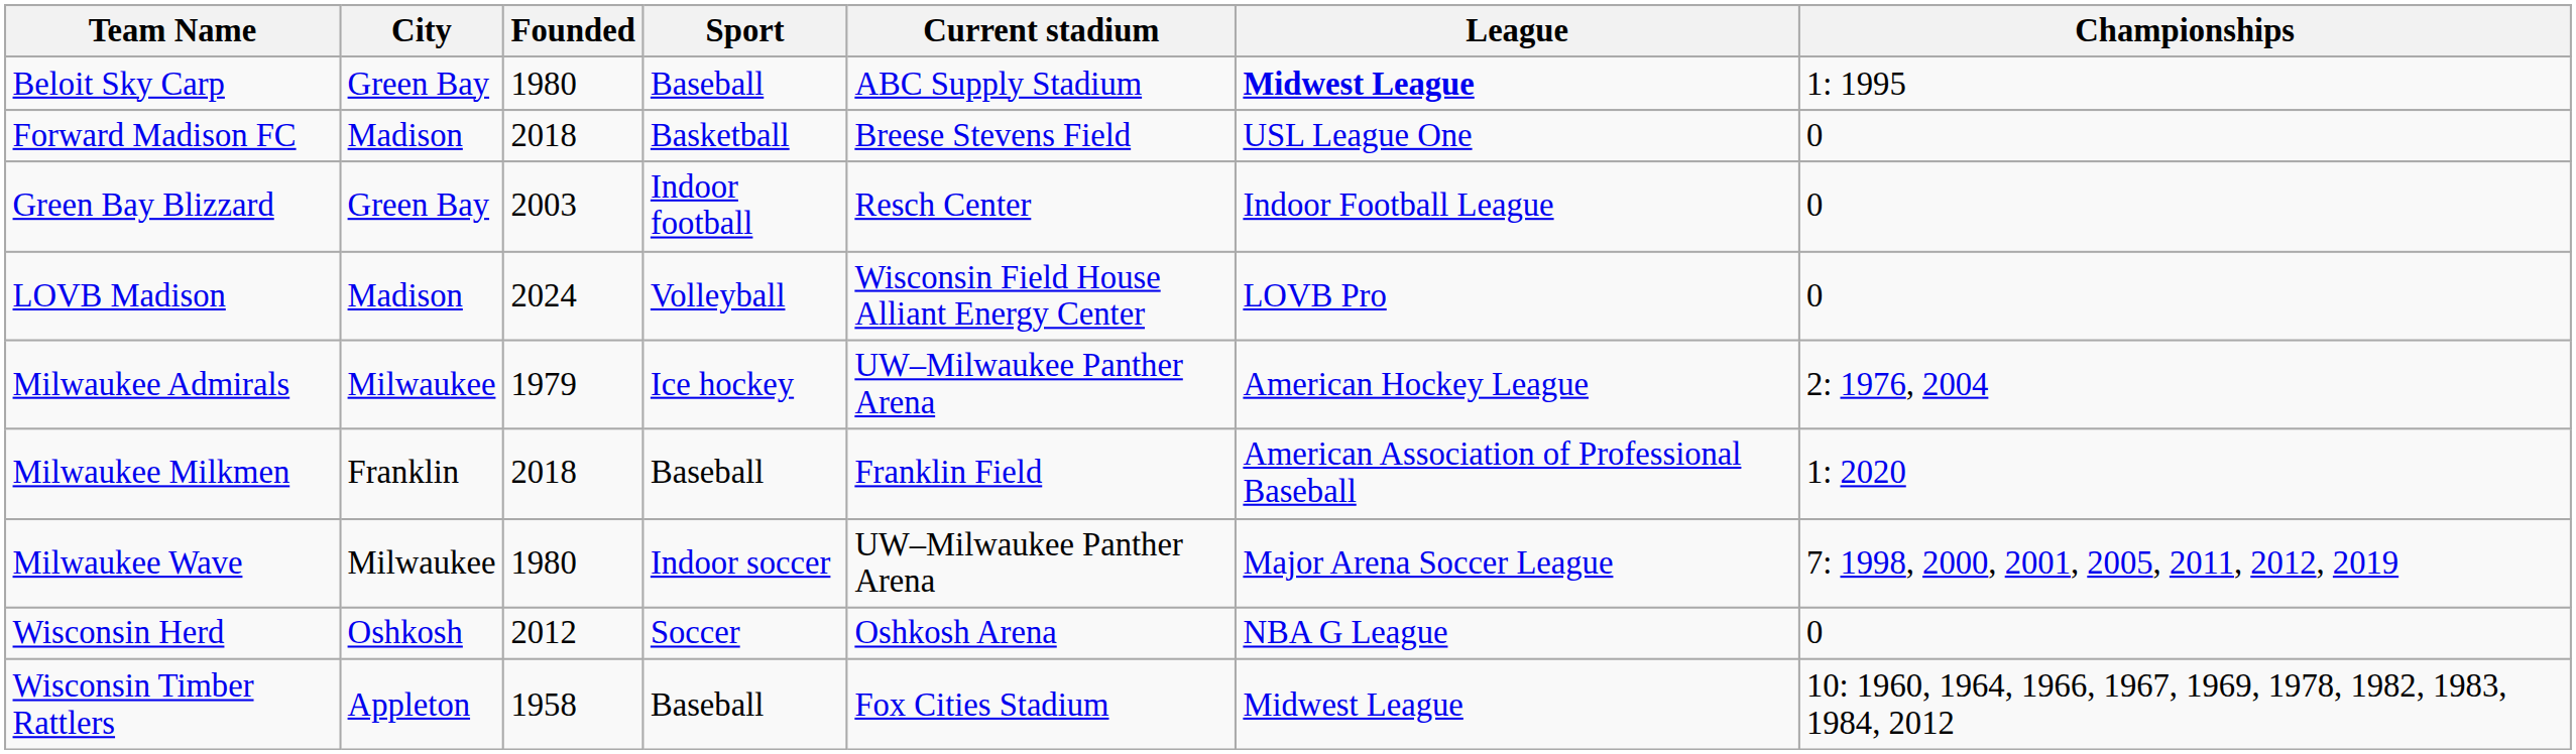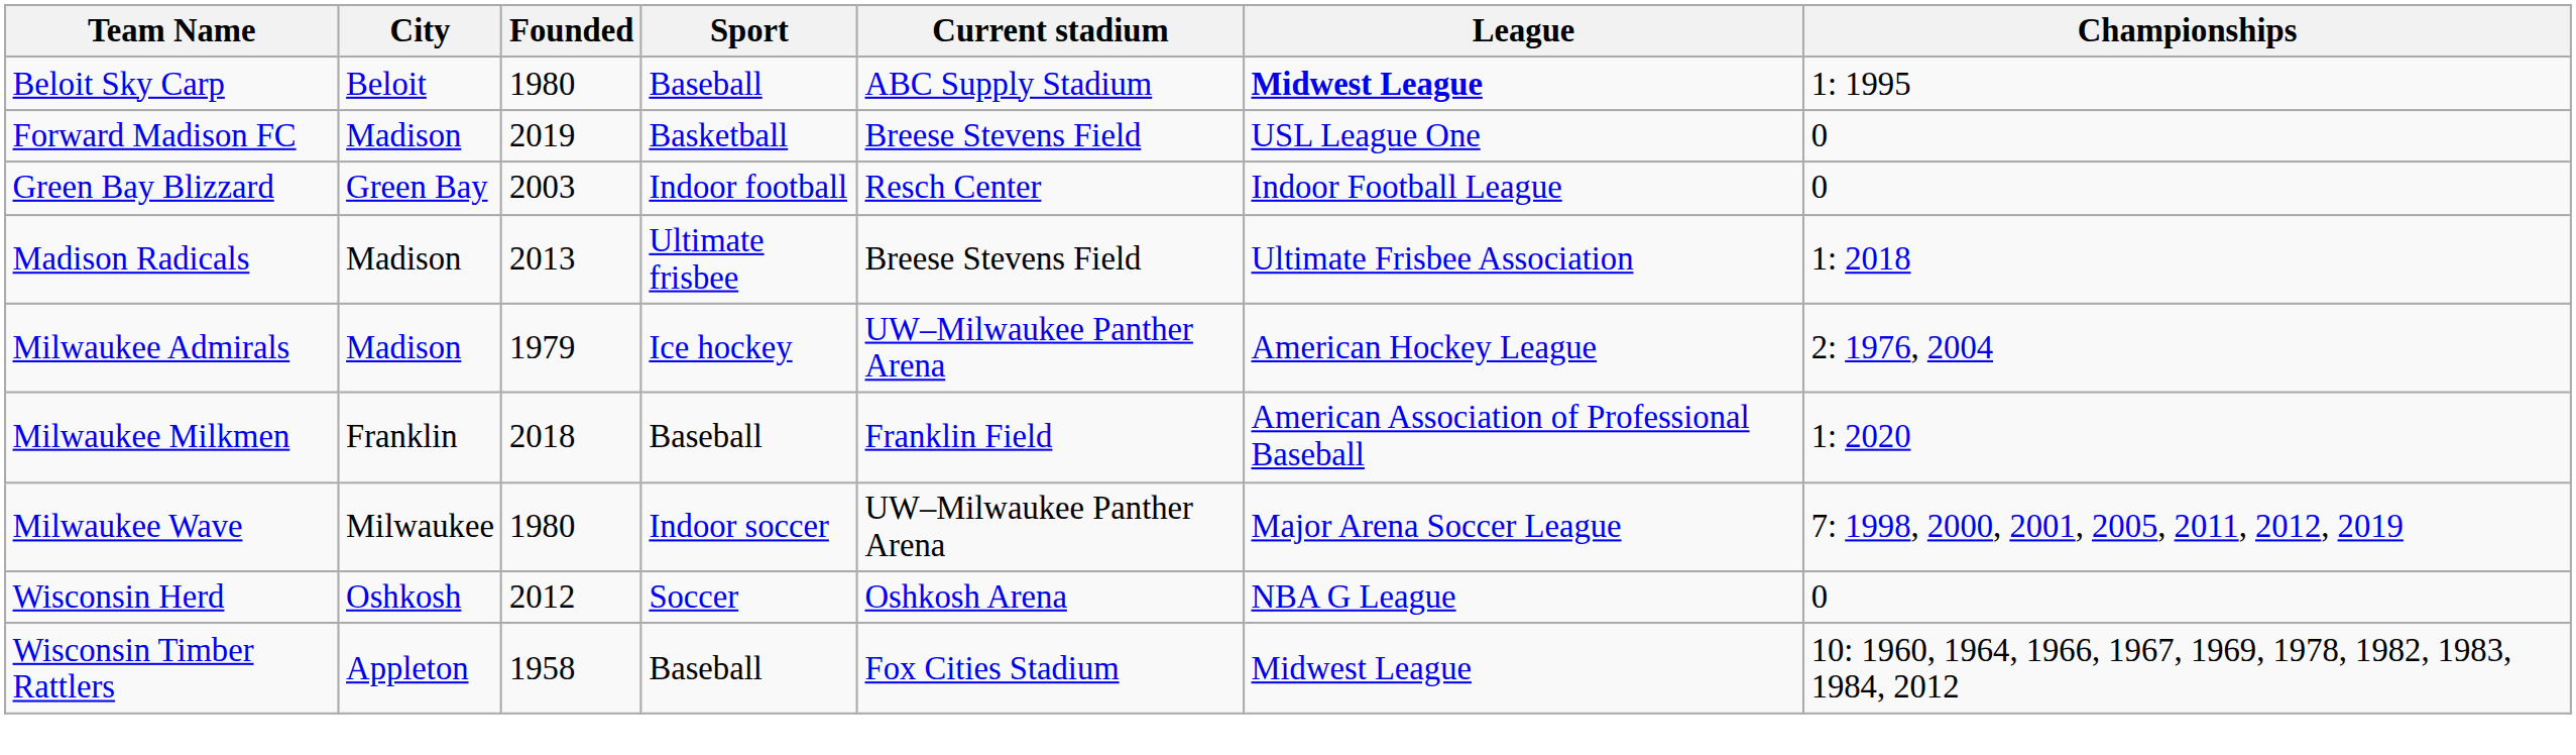 <table class="wikitable sortable">
 <tr>
 <th>Team Name</th>
 <th>City</th>
 <th>Founded</th>
 <th>Sport</th>
 <th>Current stadium</th>
 <th>League</th>
 <th>Championships</th>
 </tr>
 <tr>
 <td><a href='#'>Beloit Sky Carp</a></td>
-<td><a href='#'>Green Bay</a></td>
+<td><a href='#'>Beloit</a></td>
 <td>1980</td>
 <td><a href='#'>Baseball</a></td>
 <td><a href='#'>ABC Supply Stadium</a></td>
 <td><strong><a href='#'>Midwest League</a></strong></td>
 <td>1: 1995</td>
 </tr>
 <tr>
 <td><a href='#'>Forward Madison FC</a></td>
 <td><a href='#'>Madison</a></td>
-<td>2018</td>
+<td>2019</td>
 <td><a href='#'>Basketball</a></td>
 <td><a href='#'>Breese Stevens Field</a></td>
 <td><a href='#'>USL League One</a></td>
 <td>0</td>
 </tr>
 <tr>
 <td><a href='#'>Green Bay Blizzard</a></td>
 <td><a href='#'>Green Bay</a></td>
 <td>2003</td>
 <td><a href='#'>Indoor football</a></td>
 <td><a href='#'>Resch Center</a></td>
 <td><a href='#'>Indoor Football League</a></td>
 <td>0</td>
 </tr>
 <tr>
-<td><a href='#'>LOVB Madison</a></td>
-<td><a href='#'>Madison</a></td>
-<td>2024</td>
-<td><a href='#'>Volleyball</a></td>
-<td><a href='#'>Wisconsin Field House</a><br><a href='#'>Alliant Energy Center</a></td>
-<td><a href='#'>LOVB Pro</a></td>
-<td>0</td>
+<td><a href='#'>Madison Radicals</a></td>
+<td>Madison</td>
+<td>2013</td>
+<td><a href='#'>Ultimate frisbee</a></td>
+<td>Breese Stevens Field</td>
+<td><a href='#'>Ultimate Frisbee Association</a></td>
+<td>1: <a href='#'>2018</a></td>
 </tr>
 <tr>
 <td><a href='#'>Milwaukee Admirals</a></td>
-<td><a href='#'>Milwaukee</a></td>
+<td><a href='#'>Madison</a></td>
 <td>1979</td>
 <td><a href='#'>Ice hockey</a></td>
 <td><a href='#'>UW–Milwaukee Panther Arena</a></td>
 <td><a href='#'>American Hockey League</a></td>
 <td>2: <a href='#'>1976</a>, <a href='#'>2004</a></td>
 </tr>
 <tr>
 <td><a href='#'>Milwaukee Milkmen</a></td>
 <td>Franklin</td>
 <td>2018</td>
 <td>Baseball</td>
 <td><a href='#'>Franklin Field</a></td>
 <td><a href='#'>American Association of Professional Baseball</a></td>
 <td>1: <a href='#'>2020</a></td>
 </tr>
 <tr>
 <td><a href='#'>Milwaukee Wave</a></td>
 <td>Milwaukee</td>
 <td>1980</td>
 <td><a href='#'>Indoor soccer</a></td>
 <td>UW–Milwaukee Panther Arena</td>
 <td><a href='#'>Major Arena Soccer League</a></td>
 <td>7: <a href='#'>1998</a>, <a href='#'>2000</a>, <a href='#'>2001</a>, <a href='#'>2005</a>, <a href='#'>2011</a>, <a href='#'>2012</a>, <a href='#'>2019</a></td>
 </tr>
 <tr>
 <td><a href='#'>Wisconsin Herd</a></td>
 <td><a href='#'>Oshkosh</a></td>
 <td>2012</td>
 <td><a href='#'>Soccer</a></td>
 <td><a href='#'>Oshkosh Arena</a></td>
 <td><a href='#'>NBA G League</a></td>
 <td>0</td>
 </tr>
 <tr>
 <td><a href='#'>Wisconsin Timber Rattlers</a></td>
 <td><a href='#'>Appleton</a></td>
 <td>1958</td>
 <td>Baseball</td>
 <td><a href='#'>Fox Cities Stadium</a></td>
 <td><a href='#'>Midwest League</a></td>
 <td>10: 1960, 1964, 1966, 1967, 1969, 1978, 1982, 1983, 1984, 2012</td>
 </tr>
 </table>
